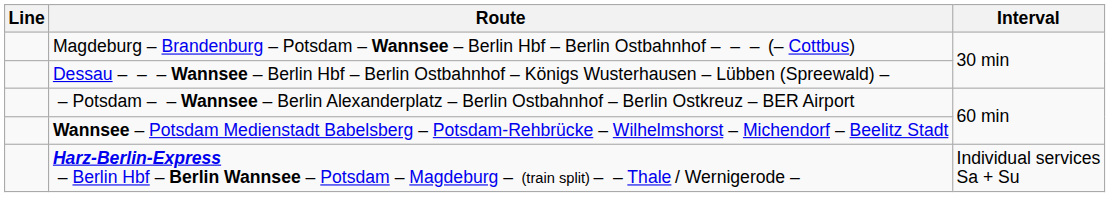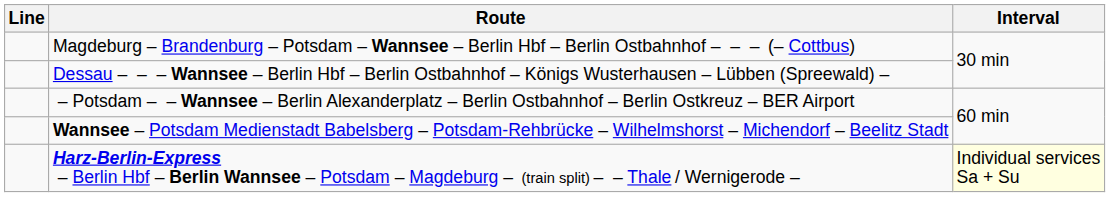 <table class="wikitable">
 <tr>
 <th>Line</th>
 <th>Route</th>
 <th>Interval</th>
 </tr>
 <tr>
 <td align="center"></td>
 <td>Magdeburg – <a href='#'>Brandenburg</a> – Potsdam – <strong>Wannsee</strong> – Berlin Hbf – Berlin Ostbahnhof –  –  –  (– <a href='#'>Cottbus</a>)</td>
 <td rowspan="2">30 min</td>
 </tr>
 <tr>
 <td align="center"></td>
 <td><a href='#'>Dessau</a> –  –  – <strong>Wannsee</strong> – Berlin Hbf – Berlin Ostbahnhof – Königs Wusterhausen – Lübben (Spreewald) – </td>
 </tr>
 <tr>
 <td></td>
 <td> – Potsdam –  – <strong>Wannsee</strong> – Berlin Alexanderplatz – Berlin Ostbahnhof – Berlin Ostkreuz – BER Airport</td>
 <td rowspan="2">60 min</td>
 </tr>
 <tr>
 <td></td>
 <td><strong>Wannsee</strong> – <a href='#'>Potsdam Medienstadt Babelsberg</a> – <a href='#'>Potsdam-Rehbrücke</a> – <a href='#'>Wilhelmshorst</a> – <a href='#'>Michendorf</a> – <a href='#'>Beelitz Stadt</a></td>
 </tr>
 <tr>
 <td></td>
 <td><strong><em><a href='#'>Harz-Berlin-Express</a></em></strong><br> – <a href='#'>Berlin Hbf</a> – <strong>Berlin Wannsee</strong> – <a href='#'>Potsdam</a> – <a href='#'>Magdeburg</a> –  <small>(train split)</small> –  – <a href='#'>Thale</a> / Wernigerode – </td>
-<td>Individual services<br>Sa + Su</td>
+<td style="background: lightyellow;">Individual services<br>Sa + Su</td>
 </tr>
 </table>
